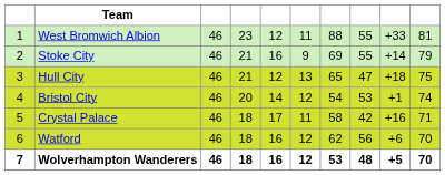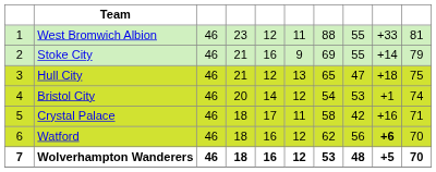 <table class="toccolours" border="1" cellpadding="4" cellspacing="0" style="text-align:center; border-collapse: collapse; margin:0;">
 <tr>
 <th width=30></th>
 <th>Team</th>
 <th width="30"></th>
 <th width="30"></th>
 <th width="30"></th>
 <th width="30"></th>
 <th width="30"></th>
 <th width="30"></th>
 <th width="30"></th>
 <th width="30"></th>
 </tr>
 <tr bgcolor="#D0F0C0">
 <td>1</td>
 <td align=left><a href='#'>West Bromwich Albion</a></td>
 <td>46</td>
 <td>23</td>
 <td>12</td>
 <td>11</td>
 <td>88</td>
 <td>55</td>
 <td>+33</td>
 <td>81</td>
 </tr>
 <tr bgcolor="#D0F0C0">
 <td>2</td>
 <td align=left><a href='#'>Stoke City</a></td>
 <td>46</td>
 <td>21</td>
 <td>16</td>
 <td>9</td>
 <td>69</td>
 <td>55</td>
 <td>+14</td>
 <td>79</td>
 </tr>
 <tr bgcolor="#D1E231">
 <td>3</td>
 <td align=left><a href='#'>Hull City</a></td>
 <td>46</td>
 <td>21</td>
 <td>12</td>
 <td>13</td>
 <td>65</td>
 <td>47</td>
 <td>+18</td>
 <td>75</td>
 </tr>
 <tr bgcolor="#D1E231">
 <td>4</td>
 <td align=left><a href='#'>Bristol City</a></td>
 <td>46</td>
 <td>20</td>
 <td>14</td>
 <td>12</td>
 <td>54</td>
 <td>53</td>
 <td>+1</td>
 <td>74</td>
 </tr>
 <tr bgcolor="#D1E231">
 <td>5</td>
 <td align=left><a href='#'>Crystal Palace</a></td>
 <td>46</td>
 <td>18</td>
 <td>17</td>
 <td>11</td>
 <td>58</td>
 <td>42</td>
 <td>+16</td>
 <td>71</td>
 </tr>
 <tr bgcolor="#D1E231">
 <td>6</td>
 <td align=left><a href='#'>Watford</a></td>
 <td>46</td>
 <td>18</td>
 <td>16</td>
 <td>12</td>
 <td>62</td>
 <td>56</td>
-<td>+6</td>
+<td><strong>+6</strong></td>
 <td>70</td>
 </tr>
 <tr>
 <td><strong>7</strong></td>
 <td align=left><strong>Wolverhampton Wanderers</strong></td>
 <td><strong>46</strong></td>
 <td><strong>18</strong></td>
 <td><strong>16</strong></td>
 <td><strong>12</strong></td>
 <td><strong>53</strong></td>
 <td><strong>48</strong></td>
 <td><strong>+5</strong></td>
 <td><strong>70</strong></td>
 </tr>
 <tr>
 </tr>
 </table>
